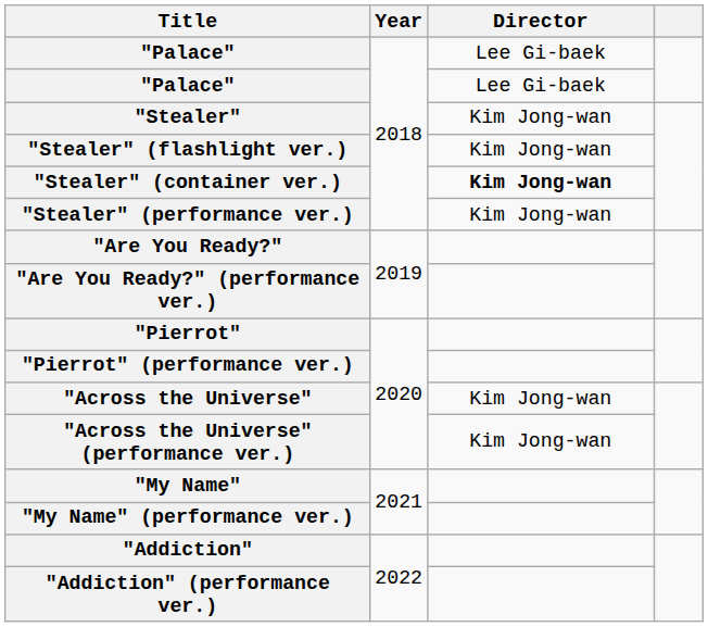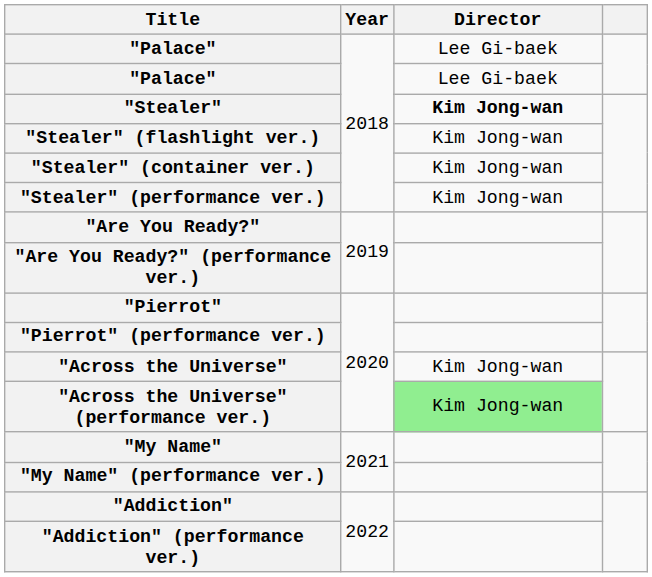 <table class="wikitable plainrowheaders" style="text-align: center;">
 <tr>
 <th scope="col" style="width: 18em;">Title</th>
 <th scope="col" style="width: 2em;">Year</th>
 <th scope="col" style="width: 11em;">Director</th>
 <th scope="col" style="width: 2em;" class="unsortable"></th>
 </tr>
 <tr>
 <th scope="row">"Palace"</th>
 <td rowspan="6">2018</td>
 <td>Lee Gi-baek</td>
 <td rowspan="2"></td>
 </tr>
 <tr>
 <th scope="row">"Palace" </th>
 <td>Lee Gi-baek</td>
 </tr>
 <tr>
 <th scope="row">"Stealer"</th>
-<td>Kim Jong-wan</td>
+<td><strong>Kim Jong-wan</strong></td>
 <td rowspan="4"></td>
 </tr>
 <tr>
 <th scope="row">"Stealer" (flashlight ver.)</th>
 <td>Kim Jong-wan</td>
 </tr>
 <tr>
 <th scope="row">"Stealer" (container ver.)</th>
-<td><strong>Kim Jong-wan</strong></td>
+<td>Kim Jong-wan</td>
 </tr>
 <tr>
 <th scope="row">"Stealer" (performance ver.)</th>
 <td>Kim Jong-wan</td>
 </tr>
 <tr>
 <th scope="row">"Are You Ready?"</th>
 <td rowspan="2">2019</td>
 <td></td>
 <td rowspan="2"></td>
 </tr>
 <tr>
 <th scope="row">"Are You Ready?" (performance ver.)</th>
 <td></td>
 </tr>
 <tr>
 <th scope="row">"Pierrot"</th>
 <td rowspan="4">2020</td>
 <td></td>
 <td rowspan="2"></td>
 </tr>
 <tr>
 <th scope="row">"Pierrot" (performance ver.)</th>
 <td></td>
 </tr>
 <tr>
 <th scope="row">"Across the Universe"</th>
 <td>Kim Jong-wan</td>
 <td rowspan="2"></td>
 </tr>
 <tr>
 <th scope="row">"Across the Universe" (performance ver.)</th>
-<td>Kim Jong-wan</td>
+<td style="background: lightgreen;">Kim Jong-wan</td>
 </tr>
 <tr>
 <th scope="row">"My Name"</th>
 <td rowspan="2">2021</td>
 <td></td>
 <td rowspan="2"></td>
 </tr>
 <tr>
 <th scope="row">"My Name" (performance ver.)</th>
 <td></td>
 </tr>
 <tr>
 <th scope="row">"Addiction"</th>
 <td rowspan="2">2022</td>
 <td></td>
 <td rowspan="2"></td>
 </tr>
 <tr>
 <th scope="row">"Addiction" (performance ver.)</th>
 <td></td>
 </tr>
 </table>
